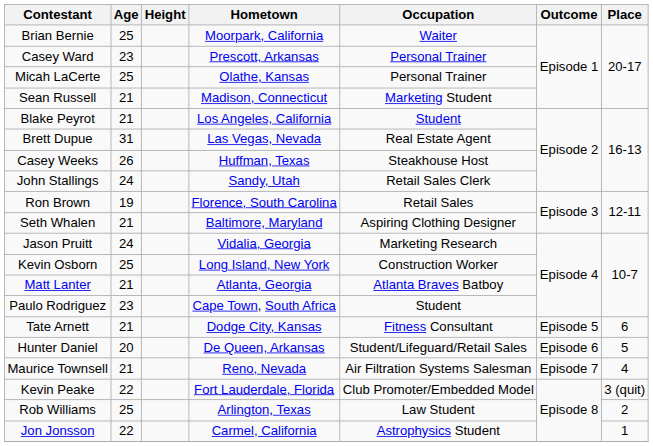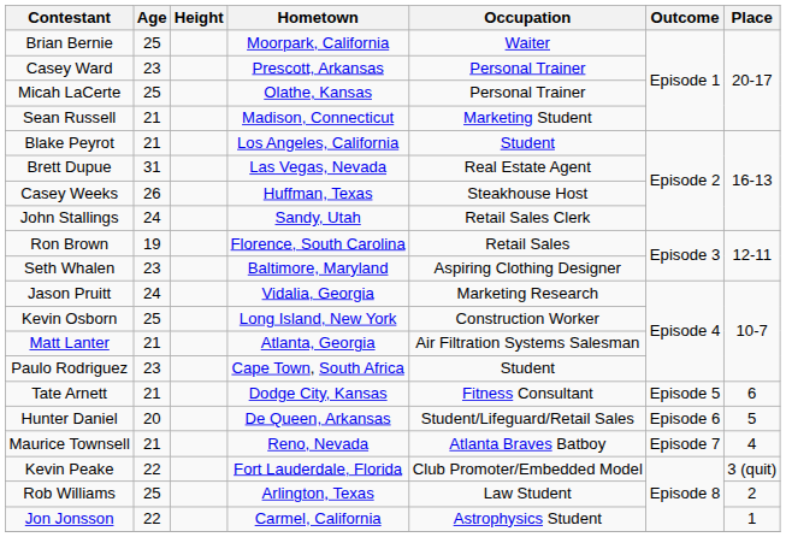 <table class="wikitable sortable" style="text-align:center;">
 <tr>
 <th>Contestant</th>
 <th>Age</th>
 <th>Height</th>
 <th>Hometown</th>
 <th>Occupation</th>
 <th>Outcome</th>
 <th>Place</th>
 </tr>
 <tr>
 <td>Brian Bernie</td>
 <td>25</td>
 <td></td>
 <td><a href='#'>Moorpark, California</a></td>
 <td><a href='#'>Waiter</a></td>
 <td rowspan=4>Episode 1</td>
 <td rowspan=4>20-17</td>
 </tr>
 <tr>
 <td>Casey Ward</td>
 <td>23</td>
 <td></td>
 <td><a href='#'>Prescott, Arkansas</a></td>
 <td><a href='#'>Personal Trainer</a></td>
 </tr>
 <tr>
 <td>Micah LaCerte</td>
 <td>25</td>
 <td></td>
 <td><a href='#'>Olathe, Kansas</a></td>
 <td>Personal Trainer</td>
 </tr>
 <tr>
 <td>Sean Russell</td>
 <td>21</td>
 <td></td>
 <td><a href='#'>Madison, Connecticut</a></td>
 <td><a href='#'>Marketing</a> Student</td>
 </tr>
 <tr>
 <td>Blake Peyrot</td>
 <td>21</td>
 <td></td>
 <td><a href='#'>Los Angeles, California</a></td>
 <td><a href='#'>Student</a></td>
 <td rowspan=4>Episode 2</td>
 <td rowspan=4>16-13</td>
 </tr>
 <tr>
 <td>Brett Dupue</td>
 <td>31</td>
 <td></td>
 <td><a href='#'>Las Vegas, Nevada</a></td>
 <td>Real Estate Agent</td>
 </tr>
 <tr>
 <td>Casey Weeks</td>
 <td>26</td>
 <td></td>
 <td><a href='#'>Huffman, Texas</a></td>
 <td>Steakhouse Host</td>
 </tr>
 <tr>
 <td>John Stallings</td>
 <td>24</td>
 <td></td>
 <td><a href='#'>Sandy, Utah</a></td>
 <td>Retail Sales Clerk</td>
 </tr>
 <tr>
 <td>Ron Brown</td>
 <td>19</td>
 <td></td>
 <td><a href='#'>Florence, South Carolina</a></td>
 <td>Retail Sales</td>
 <td rowspan=2>Episode 3</td>
 <td rowspan=2>12-11</td>
 </tr>
 <tr>
 <td>Seth Whalen</td>
-<td>21</td>
+<td>23</td>
 <td></td>
 <td><a href='#'>Baltimore, Maryland</a></td>
 <td>Aspiring Clothing Designer</td>
 </tr>
 <tr>
 <td>Jason Pruitt</td>
 <td>24</td>
 <td></td>
 <td><a href='#'>Vidalia, Georgia</a></td>
 <td>Marketing Research</td>
 <td rowspan=4>Episode 4</td>
 <td rowspan=4>10-7</td>
 </tr>
 <tr>
 <td>Kevin Osborn</td>
 <td>25</td>
 <td></td>
 <td><a href='#'>Long Island, New York</a></td>
 <td>Construction Worker</td>
 </tr>
 <tr>
 <td><a href='#'>Matt Lanter</a></td>
 <td>21</td>
 <td></td>
 <td><a href='#'>Atlanta, Georgia</a></td>
-<td><a href='#'>Atlanta Braves</a> Batboy</td>
+<td>Air Filtration Systems Salesman</td>
 </tr>
 <tr>
 <td>Paulo Rodriguez</td>
 <td>23</td>
 <td></td>
 <td><a href='#'>Cape Town</a>, <a href='#'>South Africa</a></td>
 <td>Student</td>
 </tr>
 <tr>
 <td>Tate Arnett</td>
 <td>21</td>
 <td></td>
 <td><a href='#'>Dodge City, Kansas</a></td>
 <td><a href='#'>Fitness</a> Consultant</td>
 <td>Episode 5</td>
 <td>6</td>
 </tr>
 <tr>
 <td>Hunter Daniel</td>
 <td>20</td>
 <td></td>
 <td><a href='#'>De Queen, Arkansas</a></td>
 <td>Student/Lifeguard/Retail Sales</td>
 <td>Episode 6</td>
 <td>5</td>
 </tr>
 <tr>
 <td>Maurice Townsell</td>
 <td>21</td>
 <td></td>
 <td><a href='#'>Reno, Nevada</a></td>
-<td>Air Filtration Systems Salesman</td>
+<td><a href='#'>Atlanta Braves</a> Batboy</td>
 <td>Episode 7</td>
 <td>4</td>
 </tr>
 <tr>
 <td>Kevin Peake</td>
 <td>22</td>
 <td></td>
 <td><a href='#'>Fort Lauderdale, Florida</a></td>
 <td>Club Promoter/Embedded Model</td>
 <td rowspan=3>Episode 8</td>
 <td>3 (quit)</td>
 </tr>
 <tr>
 <td>Rob Williams</td>
 <td>25</td>
 <td></td>
 <td><a href='#'>Arlington, Texas</a></td>
 <td>Law Student</td>
 <td>2</td>
 </tr>
 <tr>
 <td><a href='#'>Jon Jonsson</a></td>
 <td>22</td>
 <td></td>
 <td><a href='#'>Carmel, California</a></td>
 <td><a href='#'>Astrophysics</a> Student</td>
 <td>1</td>
 </tr>
 <tr valign="top">
 </tr>
 </table>
